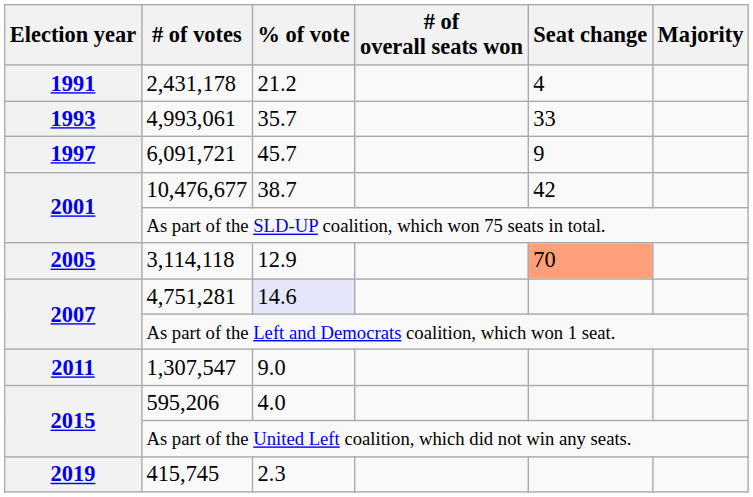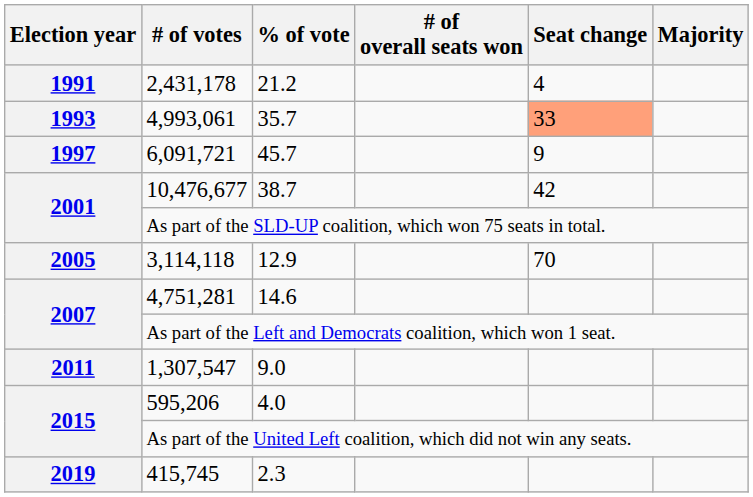 <table class=wikitable>
 <tr>
 <th>Election year</th>
 <th># of votes</th>
 <th>% of vote</th>
 <th># of<br>overall seats won</th>
 <th>Seat change</th>
 <th>Majority</th>
 </tr>
 <tr>
 <th><a href='#'>1991</a></th>
 <td>2,431,178</td>
 <td>21.2</td>
 <td></td>
 <td> 4</td>
 <td></td>
 </tr>
 <tr>
 <th><a href='#'>1993</a></th>
 <td>4,993,061</td>
 <td>35.7</td>
 <td></td>
-<td> 33</td>
+<td style="background: lightsalmon;"> 33</td>
 <td></td>
 </tr>
 <tr>
 <th><a href='#'>1997</a></th>
 <td>6,091,721</td>
 <td>45.7</td>
 <td></td>
 <td> 9</td>
 <td></td>
 </tr>
 <tr>
 <th rowspan=2><a href='#'>2001</a></th>
 <td>10,476,677</td>
 <td>38.7</td>
 <td></td>
 <td> 42</td>
 <td></td>
 </tr>
 <tr>
 <td colspan="7"><small>As part of the <a href='#'>SLD-UP</a> coalition, which won 75 seats in total.</small></td>
 </tr>
 <tr>
 <th><a href='#'>2005</a></th>
 <td>3,114,118</td>
 <td>12.9</td>
 <td></td>
-<td style="background: lightsalmon;"> 70</td>
+<td> 70</td>
 <td></td>
 </tr>
 <tr>
 <th rowspan=2><a href='#'>2007</a></th>
 <td>4,751,281</td>
-<td style="background: lavender;">14.6</td>
+<td>14.6</td>
 <td></td>
 <td></td>
 <td></td>
 </tr>
 <tr>
 <td colspan="7"><small>As part of the <a href='#'>Left and Democrats</a> coalition, which won 1 seat.</small></td>
 </tr>
 <tr>
 <th><a href='#'>2011</a></th>
 <td>1,307,547</td>
 <td>9.0</td>
 <td></td>
 <td></td>
 <td></td>
 </tr>
 <tr>
 <th rowspan=2><a href='#'>2015</a></th>
 <td>595,206</td>
 <td>4.0</td>
 <td></td>
 <td></td>
 <td></td>
 </tr>
 <tr>
 <td colspan="7"><small>As part of the <a href='#'>United Left</a> coalition, which did not win any seats.</small></td>
 </tr>
 <tr>
 <th><a href='#'>2019</a></th>
 <td>415,745</td>
 <td>2.3</td>
 <td></td>
 <td></td>
 <td></td>
 </tr>
 </table>
